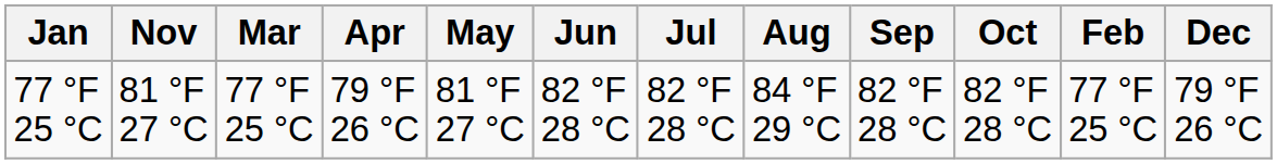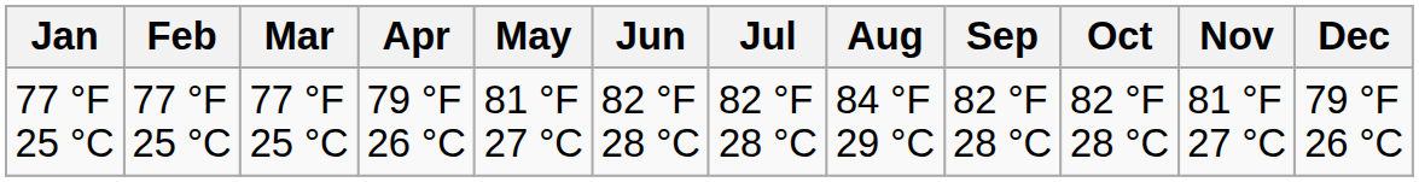 <table class="wikitable">
 <tr>
 <th>Jan</th>
-<th>Nov</th>
+<th>Feb</th>
 <th>Mar</th>
 <th>Apr</th>
 <th>May</th>
 <th>Jun</th>
 <th>Jul</th>
 <th>Aug</th>
 <th>Sep</th>
 <th>Oct</th>
-<th>Feb</th>
+<th>Nov</th>
 <th>Dec</th>
 </tr>
 <tr>
 <td>77 °F<br>25 °C</td>
-<td>81 °F<br>27 °C</td>
+<td>77 °F<br>25 °C</td>
 <td>77 °F<br>25 °C</td>
 <td>79 °F<br>26 °C</td>
 <td>81 °F<br>27 °C</td>
 <td>82 °F<br>28 °C</td>
 <td>82 °F<br>28 °C</td>
 <td>84 °F<br>29 °C</td>
 <td>82 °F<br>28 °C</td>
 <td>82 °F<br>28 °C</td>
-<td>77 °F<br>25 °C</td>
+<td>81 °F<br>27 °C</td>
 <td>79 °F<br>26 °C</td>
 </tr>
 </table>
